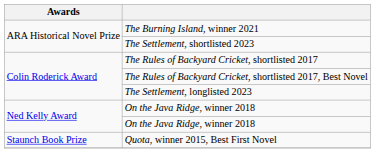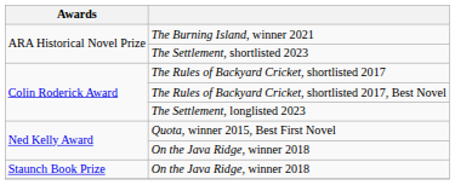 <table class="wikitable">
 <tr>
 <th>Awards</th>
 <th> </th>
 </tr>
 <tr>
 <td rowspan=2>ARA Historical Novel Prize</td>
 <td><em>The Burning Island</em>, winner 2021</td>
 </tr>
 <tr>
 <td><em>The Settlement</em>, shortlisted 2023</td>
 </tr>
 <tr>
 <td rowspan=3><a href='#'>Colin Roderick Award</a></td>
 <td><em>The Rules of Backyard Cricket</em>, shortlisted 2017</td>
 </tr>
 <tr>
 <td><em>The Rules of Backyard Cricket</em>, shortlisted 2017, Best Novel</td>
 </tr>
 <tr>
 <td><em>The Settlement</em>, longlisted 2023</td>
 </tr>
 <tr>
 <td rowspan=2><a href='#'>Ned Kelly Award</a></td>
-<td><em>On the Java Ridge</em>, winner 2018</td>
+<td><em>Quota</em>, winner 2015, Best First Novel</td>
 </tr>
 <tr>
 <td><em>On the Java Ridge</em>, winner 2018</td>
 </tr>
 <tr>
 <td><a href='#'>Staunch Book Prize</a></td>
-<td><em>Quota</em>, winner 2015, Best First Novel</td>
+<td><em>On the Java Ridge</em>, winner 2018</td>
 </tr>
 <tr>
 </tr>
 </table>
